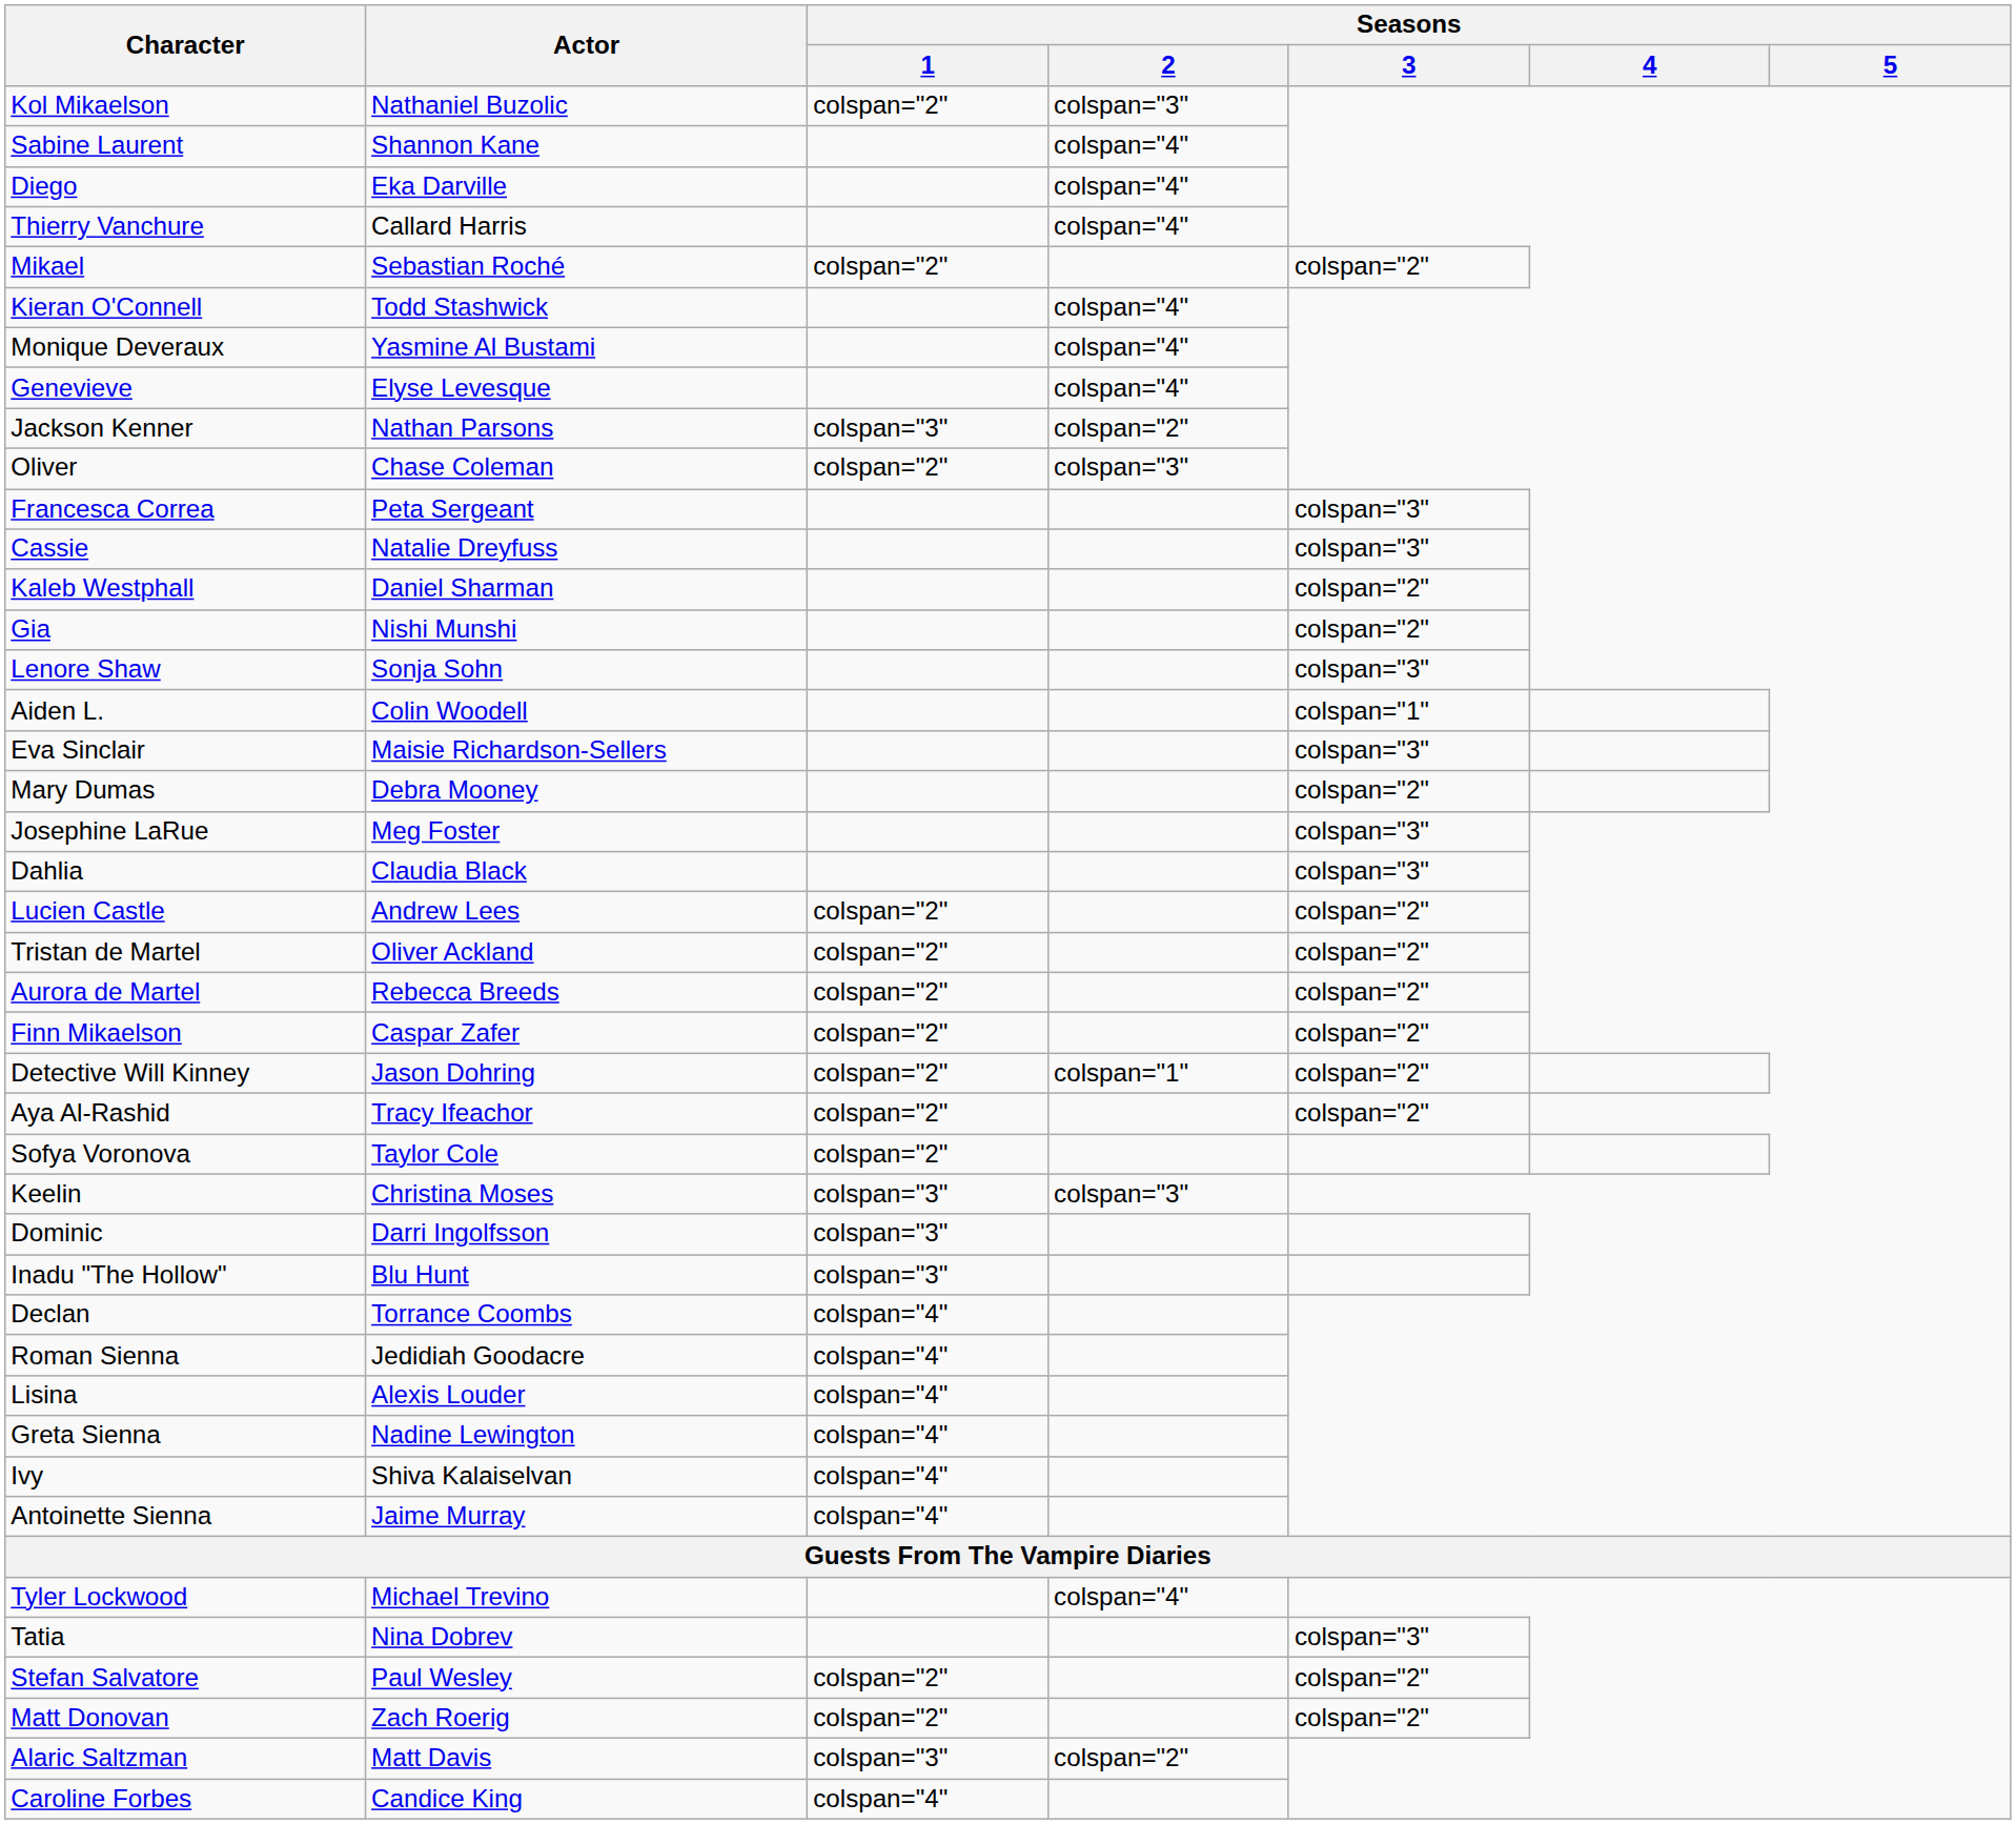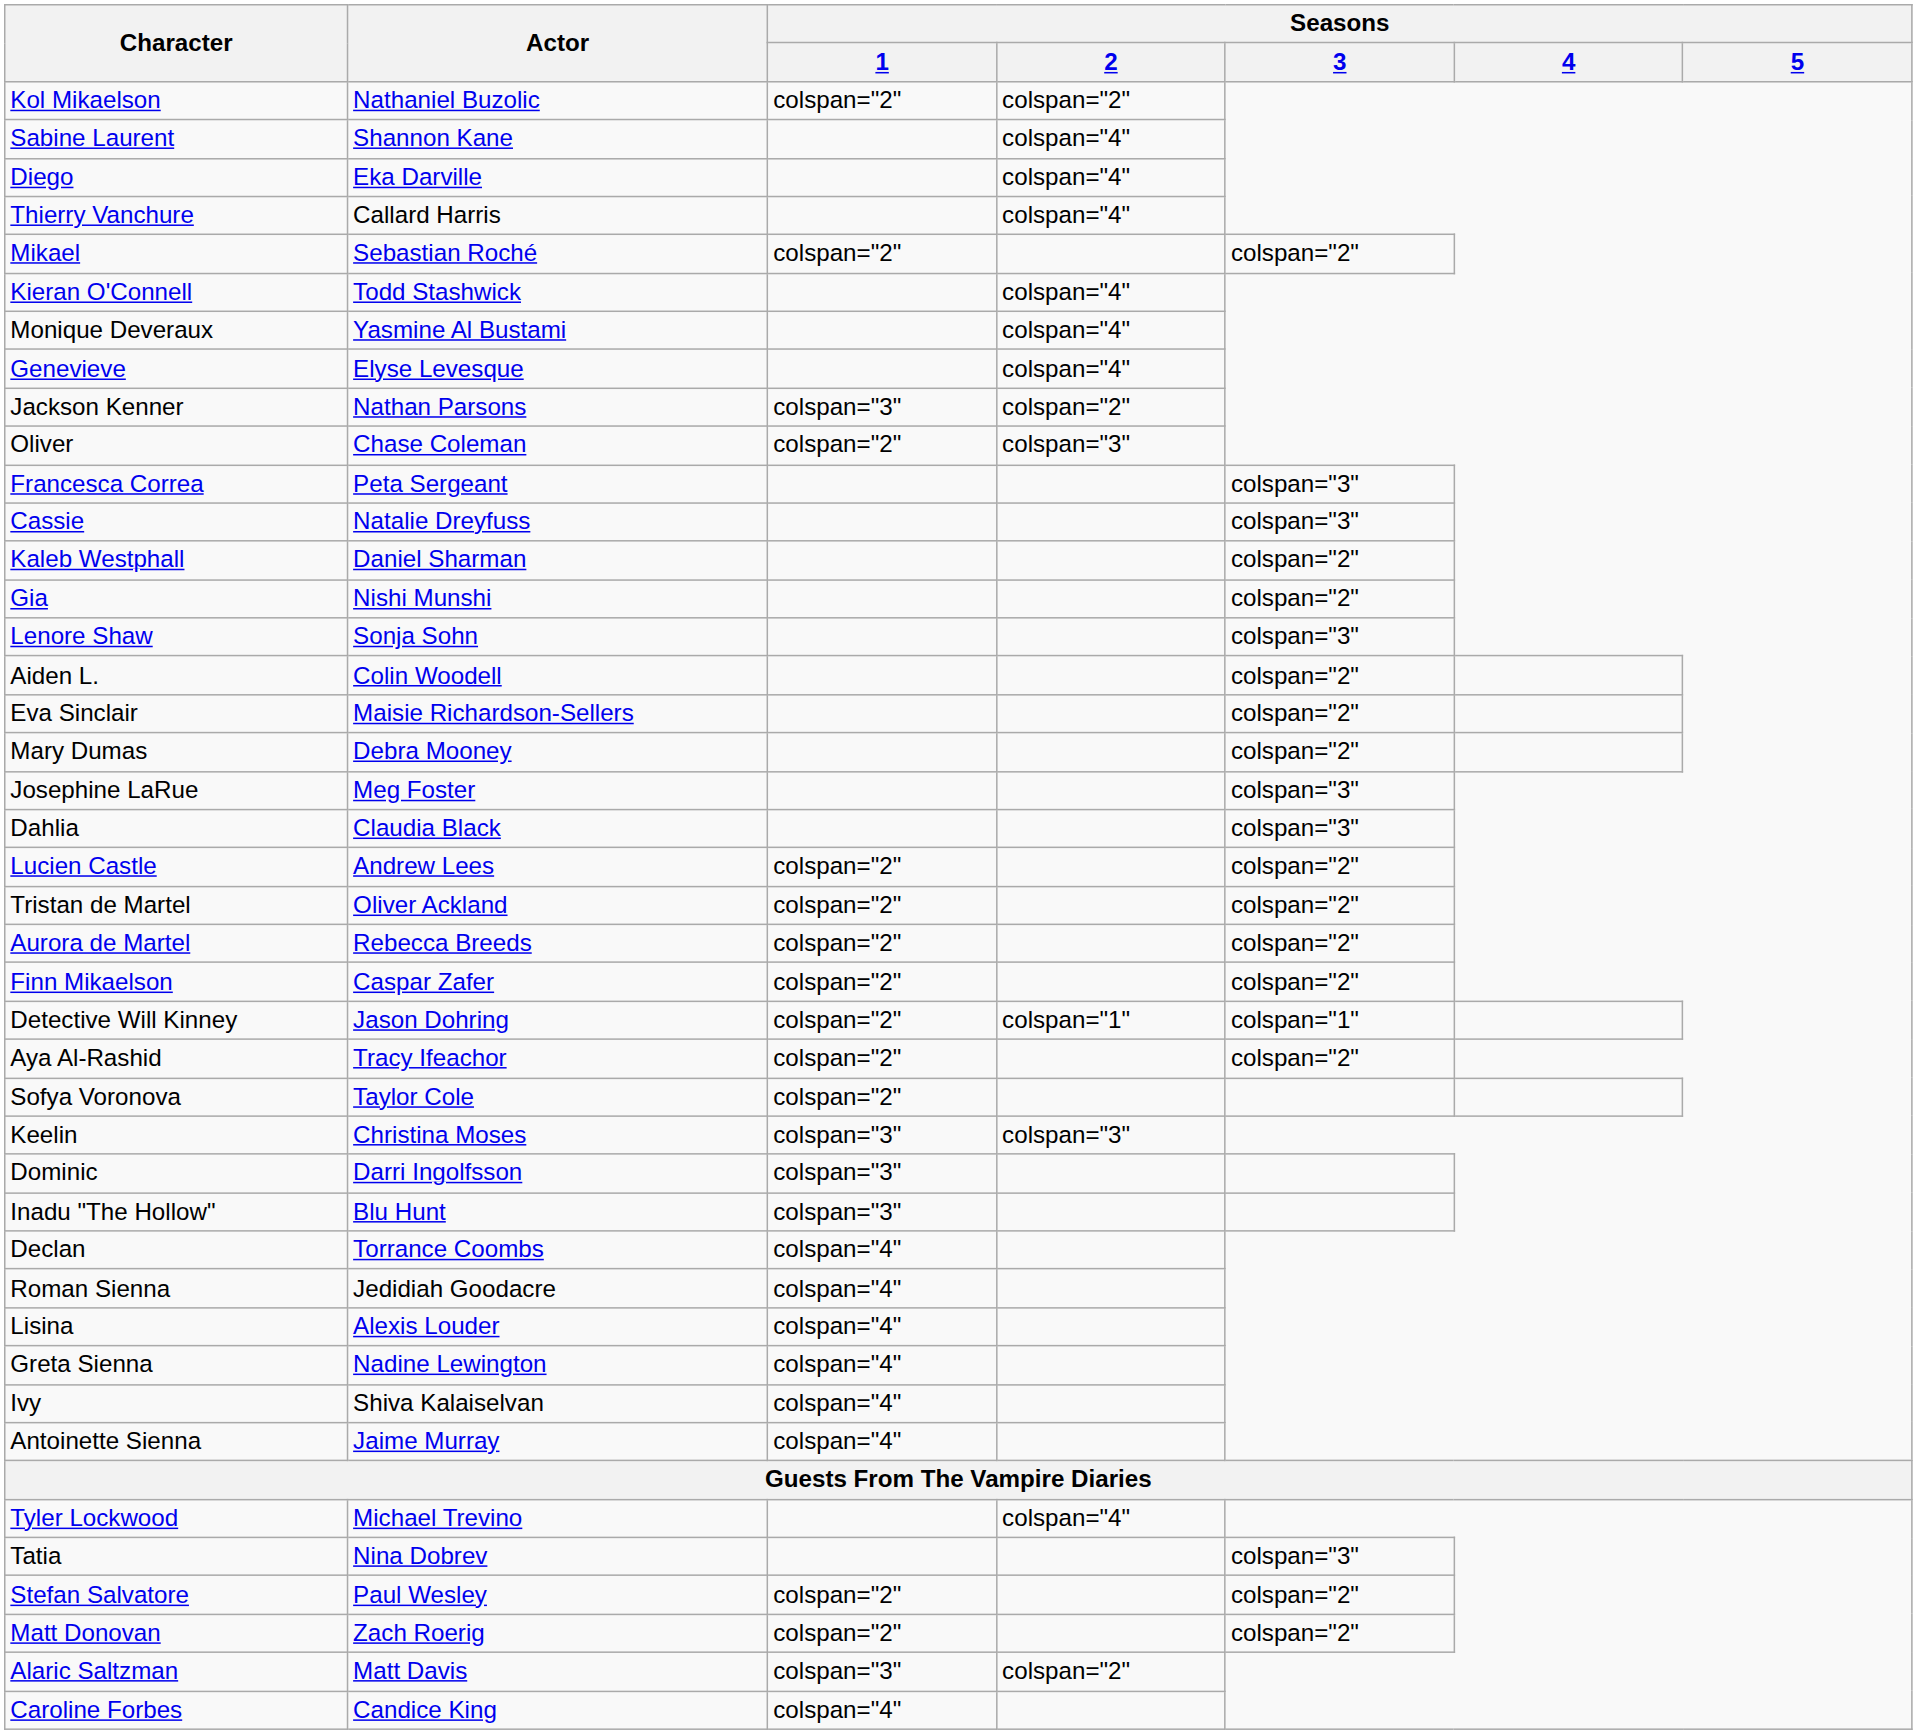 <table class="wikitable" width="100%">
 <tr>
 <th rowspan="2">Character</th>
 <th rowspan="2">Actor</th>
 <th colspan="5">Seasons</th>
 </tr>
 <tr>
 <th style="width:12%;"><a href='#'>1</a></th>
 <th style="width:12%;"><a href='#'>2</a></th>
 <th style="width:12%;"><a href='#'>3</a></th>
 <th style="width:12%;"><a href='#'>4</a></th>
 <th style="width:12%;"><a href='#'>5</a></th>
 </tr>
 <tr>
 <td><a href='#'>Kol Mikaelson</a></td>
 <td><a href='#'>Nathaniel Buzolic</a></td>
 <td>colspan="2" </td>
-<td>colspan="3" </td>
+<td>colspan="2" </td>
 </tr>
 <tr>
 <td><a href='#'>Sabine Laurent</a></td>
 <td><a href='#'>Shannon Kane</a></td>
 <td></td>
 <td>colspan="4" </td>
 </tr>
 <tr>
 <td><a href='#'>Diego</a></td>
 <td><a href='#'>Eka Darville</a></td>
 <td></td>
 <td>colspan="4" </td>
 </tr>
 <tr>
 <td><a href='#'>Thierry Vanchure</a></td>
 <td>Callard Harris</td>
 <td></td>
 <td>colspan="4" </td>
 </tr>
 <tr>
 <td><a href='#'>Mikael</a></td>
 <td><a href='#'>Sebastian Roché</a></td>
 <td>colspan="2" </td>
 <td></td>
 <td>colspan="2" </td>
 </tr>
 <tr>
 <td><a href='#'>Kieran O'Connell</a></td>
 <td><a href='#'>Todd Stashwick</a></td>
 <td></td>
 <td>colspan="4" </td>
 </tr>
 <tr>
 <td>Monique Deveraux</td>
 <td><a href='#'>Yasmine Al Bustami</a></td>
 <td></td>
 <td>colspan="4" </td>
 </tr>
 <tr>
 <td><a href='#'>Genevieve</a></td>
 <td><a href='#'>Elyse Levesque</a></td>
 <td></td>
 <td>colspan="4" </td>
 </tr>
 <tr>
 <td>Jackson Kenner</td>
 <td><a href='#'>Nathan Parsons</a></td>
 <td>colspan="3" </td>
 <td>colspan="2" </td>
 </tr>
 <tr>
 <td>Oliver</td>
 <td><a href='#'>Chase Coleman</a></td>
 <td>colspan="2" </td>
 <td>colspan="3" </td>
 </tr>
 <tr>
 <td><a href='#'>Francesca Correa</a></td>
 <td><a href='#'>Peta Sergeant</a></td>
 <td></td>
 <td></td>
 <td>colspan="3" </td>
 </tr>
 <tr>
 <td><a href='#'>Cassie</a></td>
 <td><a href='#'>Natalie Dreyfuss</a></td>
 <td></td>
 <td></td>
 <td>colspan="3" </td>
 </tr>
 <tr>
 <td><a href='#'>Kaleb Westphall</a></td>
 <td><a href='#'>Daniel Sharman</a></td>
 <td></td>
 <td></td>
 <td>colspan="2" </td>
 </tr>
 <tr>
 <td><a href='#'>Gia</a></td>
 <td><a href='#'>Nishi Munshi</a></td>
 <td></td>
 <td></td>
 <td>colspan="2" </td>
 </tr>
 <tr>
 <td><a href='#'>Lenore Shaw</a></td>
 <td><a href='#'>Sonja Sohn</a></td>
 <td></td>
 <td></td>
 <td>colspan="3" </td>
 </tr>
 <tr>
 <td>Aiden L.</td>
 <td><a href='#'>Colin Woodell</a></td>
 <td></td>
 <td></td>
-<td>colspan="1" </td>
+<td>colspan="2" </td>
 <td></td>
 </tr>
 <tr>
 <td>Eva Sinclair</td>
 <td><a href='#'>Maisie Richardson-Sellers</a></td>
 <td></td>
 <td></td>
-<td>colspan="3" </td>
+<td>colspan="2" </td>
 <td></td>
 </tr>
 <tr>
 <td>Mary Dumas</td>
 <td><a href='#'>Debra Mooney</a></td>
 <td></td>
 <td></td>
 <td>colspan="2" </td>
 <td></td>
 </tr>
 <tr>
 <td>Josephine LaRue</td>
 <td><a href='#'>Meg Foster</a></td>
 <td></td>
 <td></td>
 <td>colspan="3" </td>
 </tr>
 <tr>
 <td>Dahlia</td>
 <td><a href='#'>Claudia Black</a></td>
 <td></td>
 <td></td>
 <td>colspan="3" </td>
 </tr>
 <tr>
 <td><a href='#'>Lucien Castle</a></td>
 <td><a href='#'>Andrew Lees</a></td>
 <td>colspan="2" </td>
 <td></td>
 <td>colspan="2" </td>
 </tr>
 <tr>
 <td>Tristan de Martel</td>
 <td><a href='#'>Oliver Ackland</a></td>
 <td>colspan="2" </td>
 <td></td>
 <td>colspan="2" </td>
 </tr>
 <tr>
 <td><a href='#'>Aurora de Martel</a></td>
 <td><a href='#'>Rebecca Breeds</a></td>
 <td>colspan="2" </td>
 <td></td>
 <td>colspan="2" </td>
 </tr>
 <tr>
 <td><a href='#'>Finn Mikaelson</a></td>
 <td><a href='#'>Caspar Zafer</a></td>
 <td>colspan="2" </td>
 <td></td>
 <td>colspan="2" </td>
 </tr>
 <tr>
 <td>Detective Will Kinney</td>
 <td><a href='#'>Jason Dohring</a></td>
 <td>colspan="2" </td>
 <td>colspan="1" </td>
-<td>colspan="2" </td>
+<td>colspan="1" </td>
 <td></td>
 </tr>
 <tr>
 <td>Aya Al-Rashid</td>
 <td><a href='#'>Tracy Ifeachor</a></td>
 <td>colspan="2" </td>
 <td></td>
 <td>colspan="2" </td>
 </tr>
 <tr>
 <td>Sofya Voronova</td>
 <td><a href='#'>Taylor Cole</a></td>
 <td>colspan="2" </td>
 <td></td>
 <td></td>
 <td></td>
 </tr>
 <tr>
 <td>Keelin</td>
 <td><a href='#'>Christina Moses</a></td>
 <td>colspan="3" </td>
 <td>colspan="3" </td>
 </tr>
 <tr>
 <td>Dominic</td>
 <td><a href='#'>Darri Ingolfsson</a></td>
 <td>colspan="3" </td>
 <td></td>
 <td></td>
 </tr>
 <tr>
 <td>Inadu "The Hollow"</td>
 <td><a href='#'>Blu Hunt</a></td>
 <td>colspan="3" </td>
 <td></td>
 <td></td>
 </tr>
 <tr>
 <td>Declan</td>
 <td><a href='#'>Torrance Coombs</a></td>
 <td>colspan="4" </td>
 <td></td>
 </tr>
 <tr>
 <td>Roman Sienna</td>
 <td>Jedidiah Goodacre</td>
 <td>colspan="4" </td>
 <td></td>
 </tr>
 <tr>
 <td>Lisina</td>
 <td><a href='#'>Alexis Louder</a></td>
 <td>colspan="4" </td>
 <td></td>
 </tr>
 <tr>
 <td>Greta Sienna</td>
 <td><a href='#'>Nadine Lewington</a></td>
 <td>colspan="4" </td>
 <td></td>
 </tr>
 <tr>
 <td>Ivy</td>
 <td>Shiva Kalaiselvan</td>
 <td>colspan="4" </td>
 <td></td>
 </tr>
 <tr>
 <td>Antoinette Sienna</td>
 <td><a href='#'>Jaime Murray</a></td>
 <td>colspan="4" </td>
 <td></td>
 </tr>
 <tr>
 <th colspan="7">Guests From The Vampire Diaries</th>
 </tr>
 <tr>
 <td><a href='#'>Tyler Lockwood</a></td>
 <td><a href='#'>Michael Trevino</a></td>
 <td></td>
 <td>colspan="4" </td>
 </tr>
 <tr>
 <td>Tatia</td>
 <td><a href='#'>Nina Dobrev</a></td>
 <td></td>
 <td></td>
 <td>colspan="3" </td>
 </tr>
 <tr>
 <td><a href='#'>Stefan Salvatore</a></td>
 <td><a href='#'>Paul Wesley</a></td>
 <td>colspan="2" </td>
 <td></td>
 <td>colspan="2" </td>
 </tr>
 <tr>
 <td><a href='#'>Matt Donovan</a></td>
 <td><a href='#'>Zach Roerig</a></td>
 <td>colspan="2" </td>
 <td></td>
 <td>colspan="2" </td>
 </tr>
 <tr>
 <td><a href='#'>Alaric Saltzman</a></td>
 <td><a href='#'>Matt Davis</a></td>
 <td>colspan="3" </td>
 <td>colspan="2" </td>
 </tr>
 <tr>
 <td><a href='#'>Caroline Forbes</a></td>
 <td><a href='#'>Candice King</a></td>
 <td>colspan="4" </td>
 <td></td>
 </tr>
 </table>
